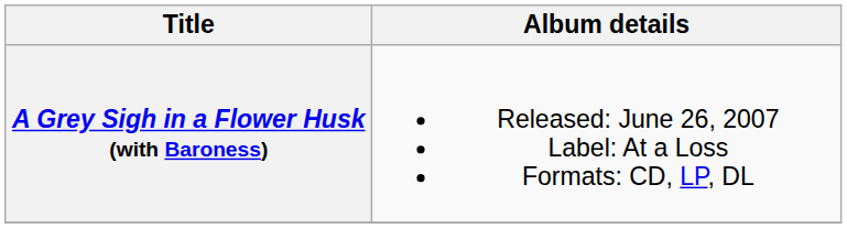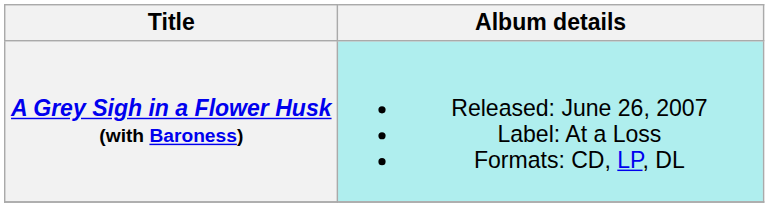 <table class="wikitable plainrowheaders" style="text-align:center;">
 <tr>
 <th scope="col" style="width:14em;">Title</th>
 <th scope="col" style="width:18em;">Album details</th>
 </tr>
 <tr>
 <th scope="row"><em><a href='#'>A Grey Sigh in a Flower Husk</a></em><br><small>(with <a href='#'>Baroness</a>)</small></th>
-<td><br><ul><li>Released: June 26, 2007</li><li>Label: At a Loss</li><li>Formats: CD, <a href='#'>LP</a>, DL</li></ul></td>
+<td style="background: paleturquoise;"><br><ul><li>Released: June 26, 2007</li><li>Label: At a Loss</li><li>Formats: CD, <a href='#'>LP</a>, DL</li></ul></td>
 </tr>
 <tr>
 </tr>
 </table>
